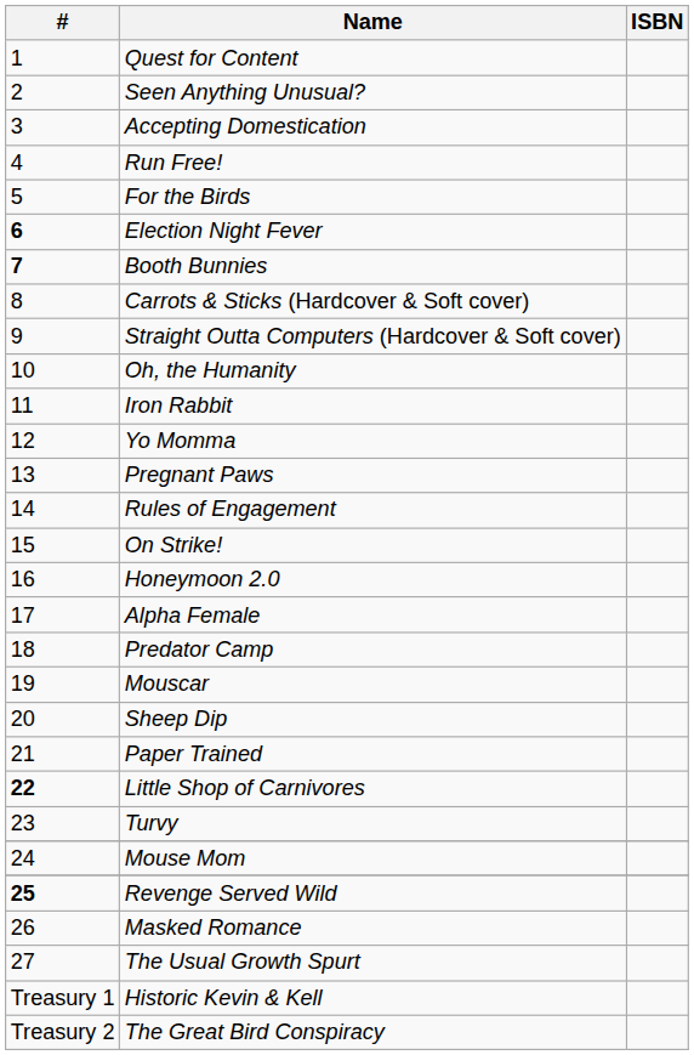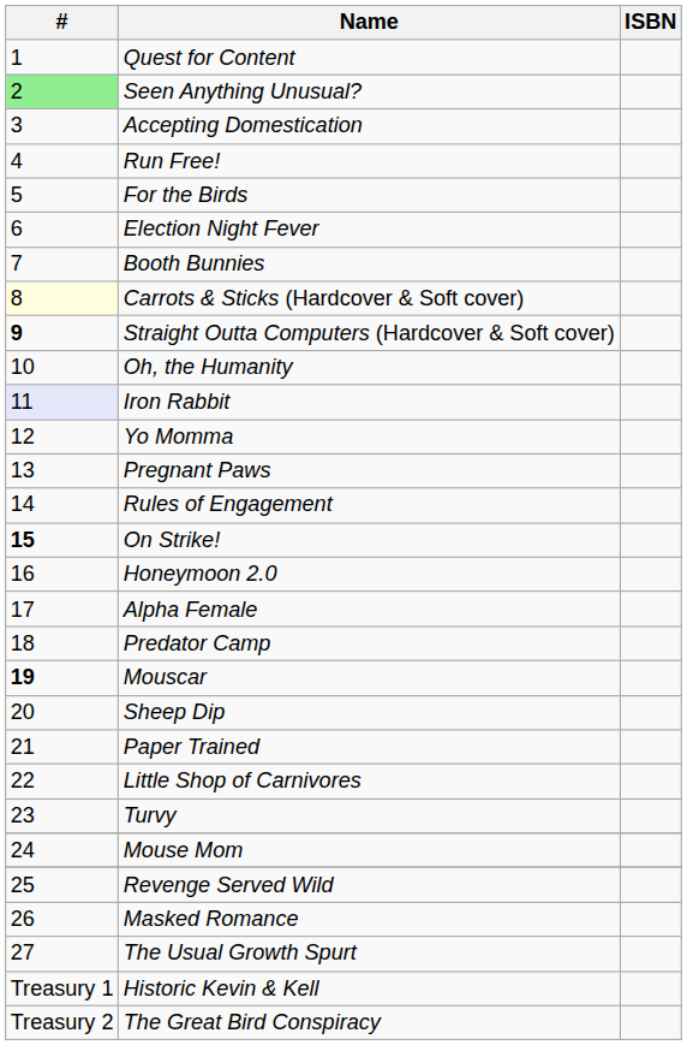 <table class="wikitable">
 <tr>
 <th>#</th>
 <th>Name</th>
 <th>ISBN</th>
 </tr>
 <tr>
 <td>1</td>
 <td><em>Quest for Content</em></td>
 <td></td>
 </tr>
 <tr>
-<td>2</td>
+<td style="background: lightgreen;">2</td>
 <td><em>Seen Anything Unusual?</em></td>
 <td></td>
 </tr>
 <tr>
 <td>3</td>
 <td><em>Accepting Domestication</em></td>
 <td></td>
 </tr>
 <tr>
 <td>4</td>
 <td><em>Run Free!</em></td>
 <td></td>
 </tr>
 <tr>
 <td>5</td>
 <td><em>For the Birds</em></td>
 <td></td>
 </tr>
 <tr>
-<td><strong>6</strong></td>
+<td>6</td>
 <td><em>Election Night Fever</em></td>
 <td></td>
 </tr>
 <tr>
-<td><strong>7</strong></td>
+<td>7</td>
 <td><em>Booth Bunnies</em></td>
 <td></td>
 </tr>
 <tr>
-<td>8</td>
+<td style="background: lightyellow;">8</td>
 <td><em>Carrots & Sticks</em> (Hardcover & Soft cover)</td>
 <td></td>
 </tr>
 <tr>
-<td>9</td>
+<td><strong>9</strong></td>
 <td><em>Straight Outta Computers</em> (Hardcover & Soft cover)</td>
 <td></td>
 </tr>
 <tr>
 <td>10</td>
 <td><em>Oh, the Humanity</em></td>
 <td></td>
 </tr>
 <tr>
-<td>11</td>
+<td style="background: lavender;">11</td>
 <td><em>Iron Rabbit</em></td>
 <td></td>
 </tr>
 <tr>
 <td>12</td>
 <td><em>Yo Momma</em></td>
 <td></td>
 </tr>
 <tr>
 <td>13</td>
 <td><em>Pregnant Paws</em></td>
 <td></td>
 </tr>
 <tr>
 <td>14</td>
 <td><em>Rules of Engagement</em></td>
 <td></td>
 </tr>
 <tr>
-<td>15</td>
+<td><strong>15</strong></td>
 <td><em>On Strike!</em></td>
 <td></td>
 </tr>
 <tr>
 <td>16</td>
 <td><em>Honeymoon 2.0</em></td>
 <td></td>
 </tr>
 <tr>
 <td>17</td>
 <td><em>Alpha Female</em></td>
 <td></td>
 </tr>
 <tr>
 <td>18</td>
 <td><em>Predator Camp</em></td>
 <td></td>
 </tr>
 <tr>
-<td>19</td>
+<td><strong>19</strong></td>
 <td><em>Mouscar</em></td>
 <td></td>
 </tr>
 <tr>
 <td>20</td>
 <td><em>Sheep Dip</em></td>
 <td></td>
 </tr>
 <tr>
 <td>21</td>
 <td><em>Paper Trained</em></td>
 <td></td>
 </tr>
 <tr>
-<td><strong>22</strong></td>
+<td>22</td>
 <td><em>Little Shop of Carnivores</em></td>
 <td></td>
 </tr>
 <tr>
 <td>23</td>
 <td><em>Turvy</em></td>
 <td></td>
 </tr>
 <tr>
 </tr>
 <tr>
 <td>24</td>
 <td><em>Mouse Mom</em></td>
 <td></td>
 </tr>
 <tr>
 </tr>
 <tr>
-<td><strong>25</strong></td>
+<td>25</td>
 <td><em>Revenge Served Wild</em></td>
 <td></td>
 </tr>
 <tr>
 <td>26</td>
 <td><em>Masked Romance</em></td>
 <td></td>
 </tr>
 <tr>
 <td>27</td>
 <td><em>The Usual Growth Spurt</em></td>
 <td></td>
 </tr>
 <tr>
 <td>Treasury 1</td>
 <td><em>Historic Kevin & Kell</em></td>
 <td></td>
 </tr>
 <tr>
 <td>Treasury 2</td>
 <td><em>The Great Bird Conspiracy</em></td>
 <td></td>
 </tr>
 <tr>
 </tr>
 </table>
